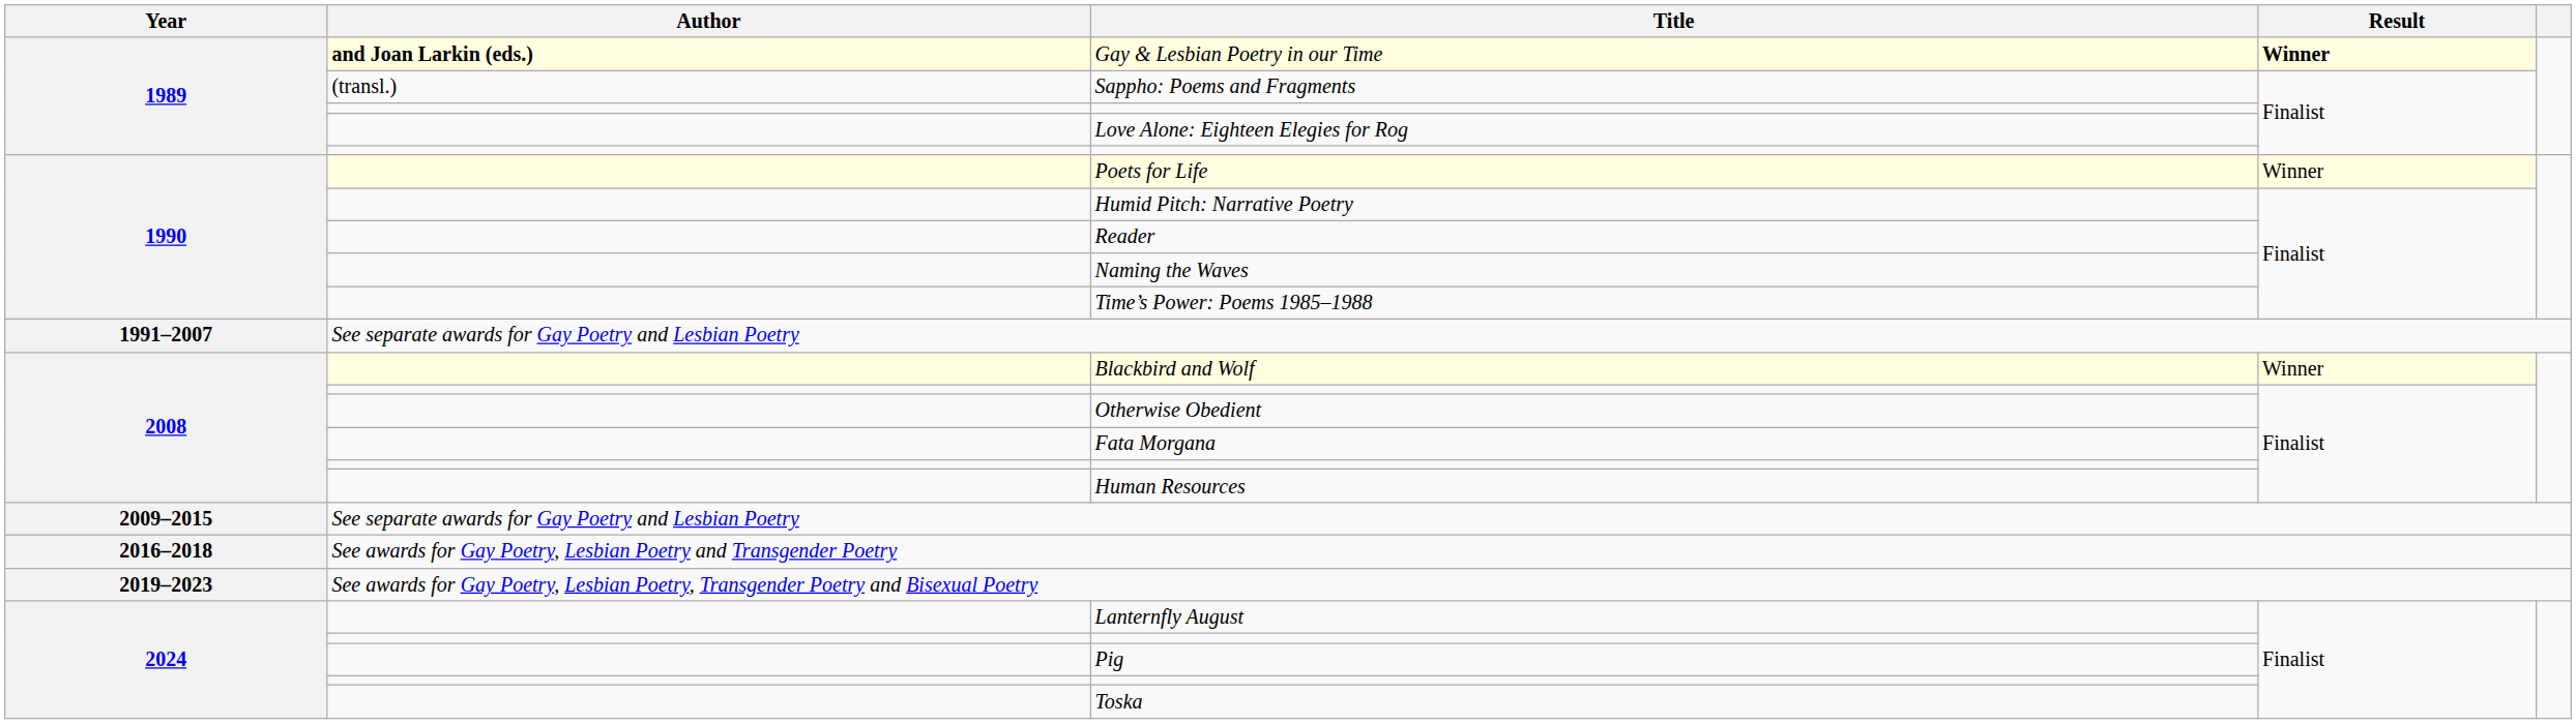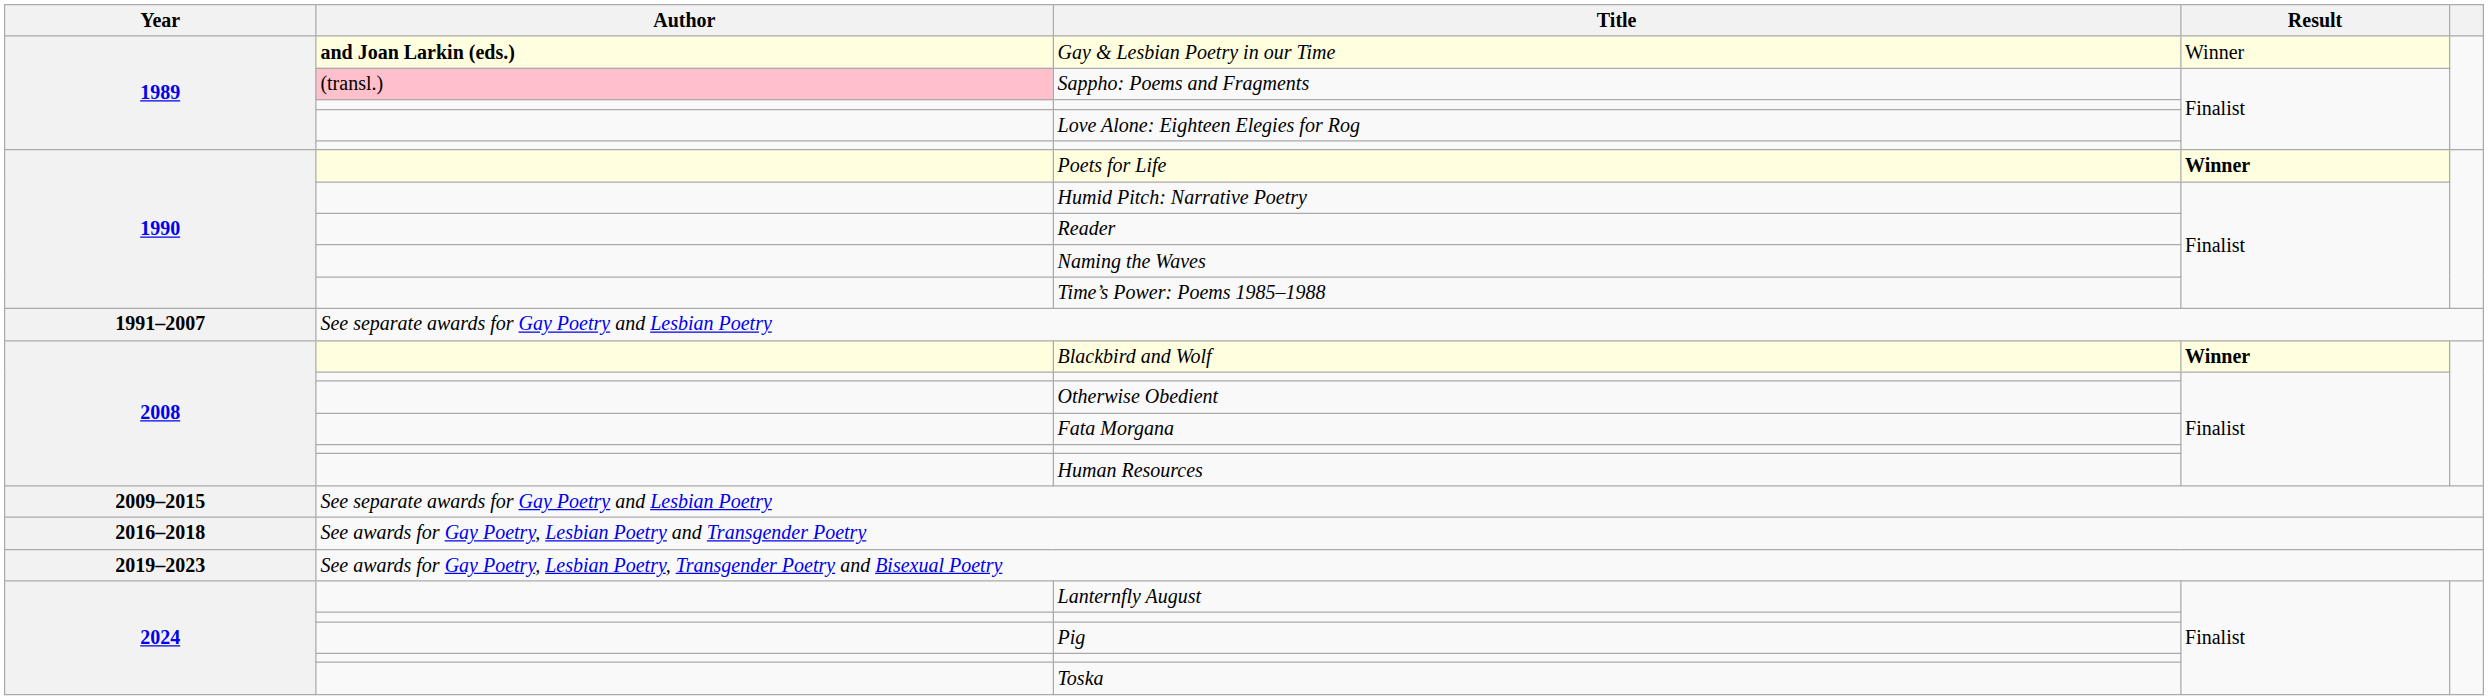 <table class="wikitable sortable" width="100%">
 <tr>
 <th>Year</th>
 <th>Author</th>
 <th>Title</th>
 <th>Result</th>
 <th></th>
 </tr>
 <tr>
 <th rowspan="5"><a href='#'>1989</a></th>
 <td style="background:lightyellow"><strong> and Joan Larkin (eds.)</strong></td>
 <td style="background:lightyellow"><em>Gay & Lesbian Poetry in our Time</em></td>
-<td style="background:lightyellow"><strong>Winner</strong></td>
+<td style="background:lightyellow">Winner</td>
 <td rowspan="5"></td>
 </tr>
 <tr>
-<td> (transl.)</td>
+<td style="background: pink;"> (transl.)</td>
 <td><em>Sappho: Poems and Fragments</em></td>
 <td rowspan="4">Finalist</td>
 </tr>
 <tr>
 <td></td>
 <td><em></em></td>
 </tr>
 <tr>
 <td></td>
 <td><em>Love Alone: Eighteen Elegies for Rog</em></td>
 </tr>
 <tr>
 <td></td>
 <td></td>
 </tr>
 <tr>
 <th rowspan="5"><a href='#'>1990</a></th>
 <td style="background:lightyellow"></td>
 <td style="background:lightyellow"><em>Poets for Life</em></td>
-<td style="background:lightyellow">Winner</td>
+<td style="background:lightyellow"><strong>Winner</strong></td>
 <td rowspan="5"></td>
 </tr>
 <tr>
 <td></td>
 <td><em>Humid Pitch: Narrative Poetry</em></td>
 <td rowspan="4">Finalist</td>
 </tr>
 <tr>
 <td></td>
 <td><em>Reader</em></td>
 </tr>
 <tr>
 <td></td>
 <td><em>Naming the Waves</em></td>
 </tr>
 <tr>
 <td></td>
 <td><em>Time’s Power: Poems 1985–1988</em></td>
 </tr>
 <tr>
 <th>1991–2007</th>
 <td colspan="4"><em>See separate awards for <a href='#'>Gay Poetry</a> and <a href='#'>Lesbian Poetry</a></em></td>
 </tr>
 <tr>
 <th rowspan="6"><a href='#'>2008</a></th>
 <td style="background:lightyellow"></td>
 <td style="background:lightyellow"><em>Blackbird and Wolf</em></td>
-<td style="background:lightyellow">Winner</td>
+<td style="background:lightyellow"><strong>Winner</strong></td>
 <td rowspan="6"></td>
 </tr>
 <tr>
 <td></td>
 <td></td>
 <td rowspan="5">Finalist</td>
 </tr>
 <tr>
 <td></td>
 <td><em>Otherwise Obedient</em></td>
 </tr>
 <tr>
 <td></td>
 <td><em>Fata Morgana</em></td>
 </tr>
 <tr>
 <td></td>
 <td></td>
 </tr>
 <tr>
 <td></td>
 <td><em>Human Resources</em></td>
 </tr>
 <tr>
 <th>2009–2015</th>
 <td colspan="4"><em>See separate awards for <a href='#'>Gay Poetry</a> and <a href='#'>Lesbian Poetry</a></em></td>
 </tr>
 <tr>
 <th>2016–2018</th>
 <td colspan="4"><em>See awards for <a href='#'>Gay Poetry</a>, <a href='#'>Lesbian Poetry</a> and <a href='#'>Transgender Poetry</a></em></td>
 </tr>
 <tr>
 <th>2019–2023</th>
 <td colspan="4"><em>See awards for <a href='#'>Gay Poetry</a>, <a href='#'>Lesbian Poetry</a>, <a href='#'>Transgender Poetry</a> and <a href='#'>Bisexual Poetry</a></em></td>
 </tr>
 <tr>
 <th rowspan="5"><a href='#'>2024</a></th>
 <td></td>
 <td><em>Lanternfly August</em></td>
 <td rowspan="5">Finalist</td>
 <td rowspan="5"></td>
 </tr>
 <tr>
 <td></td>
 <td></td>
 </tr>
 <tr>
 <td></td>
 <td><em>Pig</em></td>
 </tr>
 <tr>
 <td></td>
 <td></td>
 </tr>
 <tr>
 <td></td>
 <td><em>Toska</em></td>
 </tr>
 </table>
